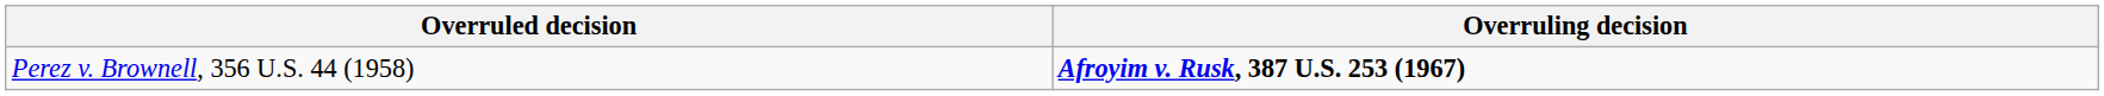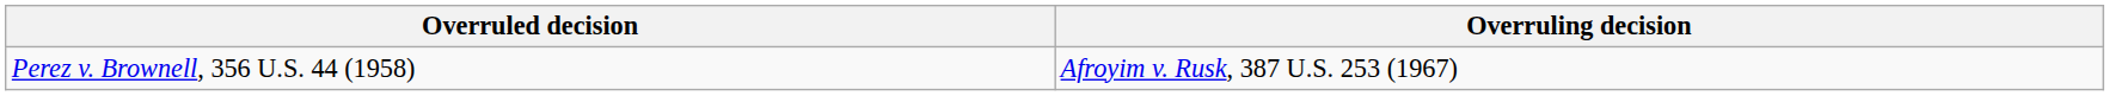 <table class="wikitable sortable collapsible" style="width:100%">
 <tr>
 <th width="50%">Overruled decision</th>
 <th width="50%">Overruling decision</th>
 </tr>
 <tr valign="top">
 <td><em><a href='#'>Perez v. Brownell</a></em>, 356 U.S. 44 (1958)</td>
-<td><strong><em><a href='#'>Afroyim v. Rusk</a></em>, 387 U.S. 253 (1967)</strong></td>
+<td><em><a href='#'>Afroyim v. Rusk</a></em>, 387 U.S. 253 (1967)</td>
 </tr>
 </table>
